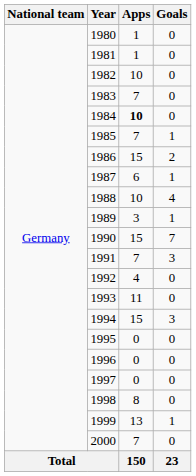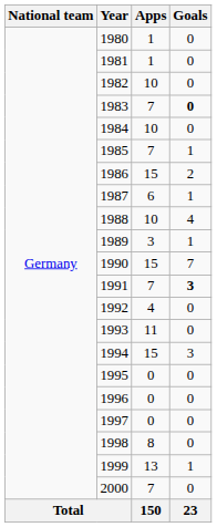 <table class="wikitable" style="text-align:center">
 <tr>
 <th>National team</th>
 <th>Year</th>
 <th>Apps</th>
 <th>Goals</th>
 </tr>
 <tr>
 <td rowspan="21"><a href='#'>Germany</a></td>
 <td>1980</td>
 <td>1</td>
 <td>0</td>
 </tr>
 <tr>
 <td>1981</td>
 <td>1</td>
 <td>0</td>
 </tr>
 <tr>
 <td>1982</td>
 <td>10</td>
 <td>0</td>
 </tr>
 <tr>
 <td>1983</td>
 <td>7</td>
-<td>0</td>
+<td><strong>0</strong></td>
 </tr>
 <tr>
 <td>1984</td>
-<td><strong>10</strong></td>
+<td>10</td>
 <td>0</td>
 </tr>
 <tr>
 <td>1985</td>
 <td>7</td>
 <td>1</td>
 </tr>
 <tr>
 <td>1986</td>
 <td>15</td>
 <td>2</td>
 </tr>
 <tr>
 <td>1987</td>
 <td>6</td>
 <td>1</td>
 </tr>
 <tr>
 <td>1988</td>
 <td>10</td>
 <td>4</td>
 </tr>
 <tr>
 <td>1989</td>
 <td>3</td>
 <td>1</td>
 </tr>
 <tr>
 <td>1990</td>
 <td>15</td>
 <td>7</td>
 </tr>
 <tr>
 <td>1991</td>
 <td>7</td>
-<td>3</td>
+<td><strong>3</strong></td>
 </tr>
 <tr>
 <td>1992</td>
 <td>4</td>
 <td>0</td>
 </tr>
 <tr>
 <td>1993</td>
 <td>11</td>
 <td>0</td>
 </tr>
 <tr>
 <td>1994</td>
 <td>15</td>
 <td>3</td>
 </tr>
 <tr>
 <td>1995</td>
 <td>0</td>
 <td>0</td>
 </tr>
 <tr>
 <td>1996</td>
 <td>0</td>
 <td>0</td>
 </tr>
 <tr>
 <td>1997</td>
 <td>0</td>
 <td>0</td>
 </tr>
 <tr>
 <td>1998</td>
 <td>8</td>
 <td>0</td>
 </tr>
 <tr>
 <td>1999</td>
 <td>13</td>
 <td>1</td>
 </tr>
 <tr>
 <td>2000</td>
 <td>7</td>
 <td>0</td>
 </tr>
 <tr>
 <th colspan="2">Total</th>
 <th>150</th>
 <th>23</th>
 </tr>
 </table>
